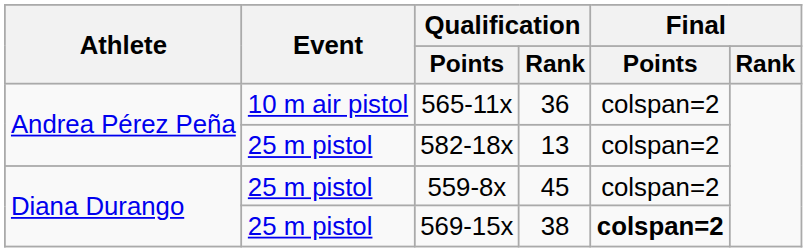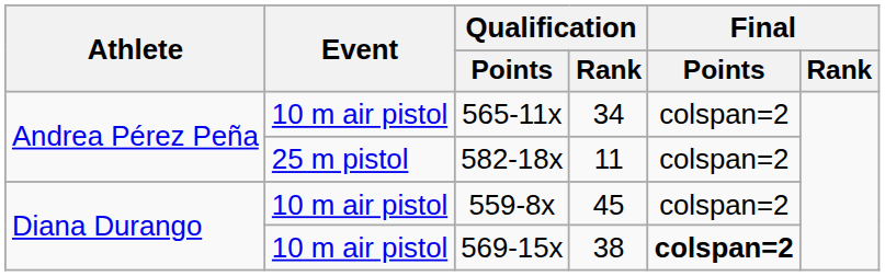 <table class=wikitable style=font-size:90%;text-align:center>
 <tr>
 <th rowspan=2>Athlete</th>
 <th rowspan=2>Event</th>
 <th colspan=2>Qualification</th>
 <th colspan=2>Final</th>
 </tr>
 <tr style=font-size:95%>
 <th>Points</th>
 <th>Rank</th>
 <th>Points</th>
 <th>Rank</th>
 </tr>
 <tr>
 <td align=left rowspan=2><a href='#'>Andrea Pérez Peña</a></td>
 <td align=left><a href='#'>10 m air pistol</a></td>
 <td>565-11x</td>
-<td>36</td>
+<td>34</td>
 <td>colspan=2 </td>
 </tr>
 <tr>
 <td align=left><a href='#'>25 m pistol</a></td>
 <td>582-18x</td>
-<td>13</td>
+<td>11</td>
 <td>colspan=2 </td>
 </tr>
 <tr align=center>
 <td align=left rowspan=2><a href='#'>Diana Durango</a></td>
-<td align=left><a href='#'>25 m pistol</a></td>
+<td align=left><a href='#'>10 m air pistol</a></td>
 <td>559-8x</td>
 <td>45</td>
 <td>colspan=2 </td>
 </tr>
 <tr>
-<td align=left><a href='#'>25 m pistol</a></td>
+<td align=left><a href='#'>10 m air pistol</a></td>
 <td>569-15x</td>
 <td>38</td>
 <td><strong>colspan=2 </strong></td>
 </tr>
 </table>
